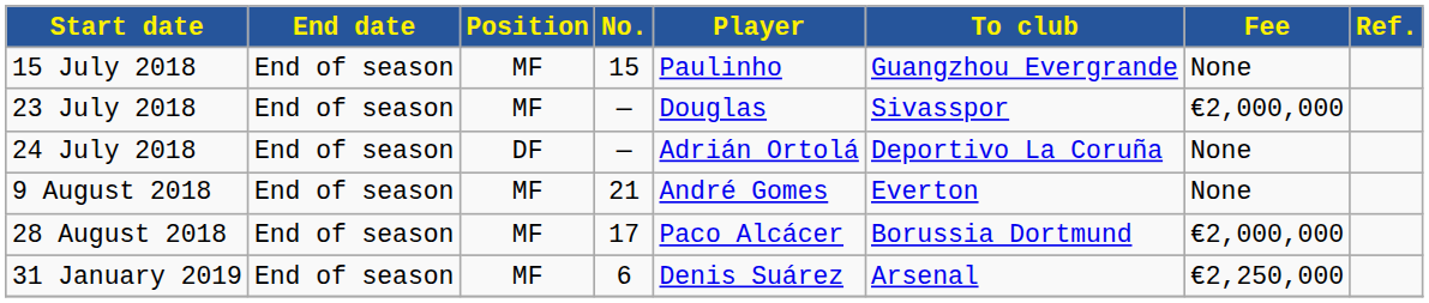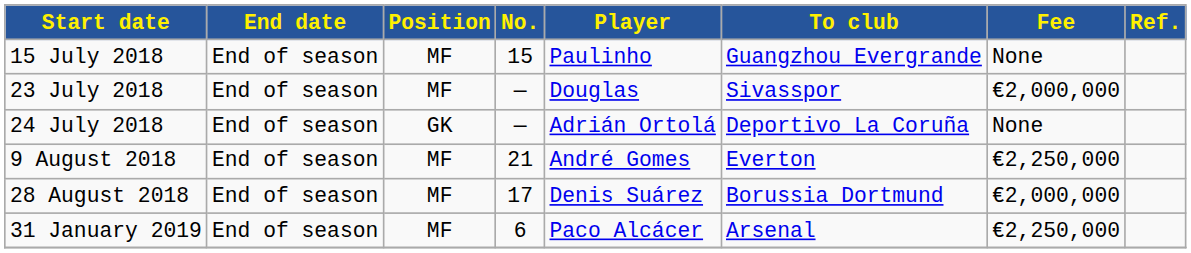 <table class="wikitable sortable">
 <tr>
 <th style="background:#26559B; color:#FFF000; ">Start date</th>
 <th style="background:#26559B; color:#FFF000; ">End date</th>
 <th style="background:#26559B; color:#FFF000; ">Position</th>
 <th style="background:#26559B; color:#FFF000; ">No.</th>
 <th style="background:#26559B; color:#FFF000; ">Player</th>
 <th style="background:#26559B; color:#FFF000; ">To club</th>
 <th style="background:#26559B; color:#FFF000; ">Fee</th>
 <th style="background:#26559B; color:#FFF000; ">Ref.</th>
 </tr>
 <tr>
 <td>15 July 2018</td>
 <td>End of season</td>
 <td style="text-align:center;">MF</td>
 <td style="text-align:center;">15</td>
 <td style="text-align:left;"> <a href='#'>Paulinho</a></td>
 <td style="text-align:left;"> <a href='#'>Guangzhou Evergrande</a></td>
 <td>None</td>
 <td></td>
 </tr>
 <tr>
 <td>23 July 2018</td>
 <td>End of season</td>
 <td style="text-align:center;">MF</td>
 <td style="text-align:center;">—</td>
 <td style="text-align:left;"> <a href='#'>Douglas</a></td>
 <td style="text-align:left;"> <a href='#'>Sivasspor</a></td>
 <td>€2,000,000</td>
 <td></td>
 </tr>
 <tr>
 <td>24 July 2018</td>
 <td>End of season</td>
-<td style="text-align:center;">DF</td>
+<td style="text-align:center;">GK</td>
 <td style="text-align:center;">—</td>
 <td style="text-align:left;"> <a href='#'>Adrián Ortolá</a></td>
 <td style="text-align:left;"> <a href='#'>Deportivo La Coruña</a></td>
 <td>None</td>
 <td></td>
 </tr>
 <tr>
 <td>9 August 2018</td>
 <td>End of season</td>
 <td style="text-align:center;">MF</td>
 <td style="text-align:center;">21</td>
 <td style="text-align:left;"> <a href='#'>André Gomes</a></td>
 <td style="text-align:left;"> <a href='#'>Everton</a></td>
-<td>None</td>
+<td>€2,250,000</td>
 <td></td>
 </tr>
 <tr>
 <td>28 August 2018</td>
 <td>End of season</td>
 <td style="text-align:center;">MF</td>
 <td style="text-align:center;">17</td>
-<td style="text-align:left;"> <a href='#'>Paco Alcácer</a></td>
+<td style="text-align:left;"> <a href='#'>Denis Suárez</a></td>
 <td style="text-align:left;"> <a href='#'>Borussia Dortmund</a></td>
 <td>€2,000,000</td>
 <td></td>
 </tr>
 <tr>
 <td>31 January 2019</td>
 <td>End of season</td>
 <td style="text-align:center;">MF</td>
 <td style="text-align:center;">6</td>
-<td style="text-align:left;"> <a href='#'>Denis Suárez</a></td>
+<td style="text-align:left;"> <a href='#'>Paco Alcácer</a></td>
 <td style="text-align:left;"> <a href='#'>Arsenal</a></td>
 <td>€2,250,000</td>
 <td></td>
 </tr>
 <tr>
 </tr>
 </table>
